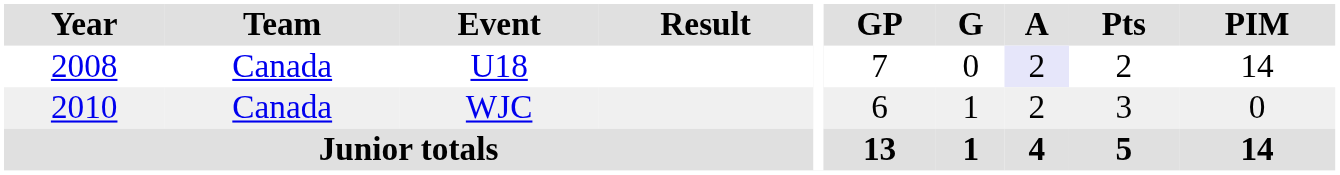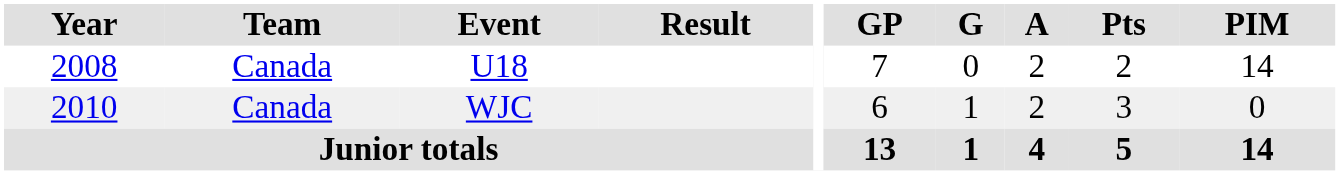 <table border="0" cellpadding="1" cellspacing="0" ID="Table3" style="text-align:center; width:40em">
 <tr ALIGN="center" bgcolor="#e0e0e0">
 <th>Year</th>
 <th>Team</th>
 <th>Event</th>
 <th>Result</th>
 <th rowspan="99" bgcolor="#ffffff"></th>
 <th>GP</th>
 <th>G</th>
 <th>A</th>
 <th>Pts</th>
 <th>PIM</th>
 </tr>
 <tr>
 <td><a href='#'>2008</a></td>
 <td><a href='#'>Canada</a></td>
 <td><a href='#'>U18</a></td>
 <td></td>
 <td>7</td>
 <td>0</td>
-<td style="background: lavender;">2</td>
+<td>2</td>
 <td>2</td>
 <td>14</td>
 </tr>
 <tr bgcolor="#f0f0f0">
 <td><a href='#'>2010</a></td>
 <td><a href='#'>Canada</a></td>
 <td><a href='#'>WJC</a></td>
 <td></td>
 <td>6</td>
 <td>1</td>
 <td>2</td>
 <td>3</td>
 <td>0</td>
 </tr>
 <tr bgcolor="#e0e0e0">
 <th colspan=4>Junior totals</th>
 <th>13</th>
 <th>1</th>
 <th>4</th>
 <th>5</th>
 <th>14</th>
 </tr>
 </table>
